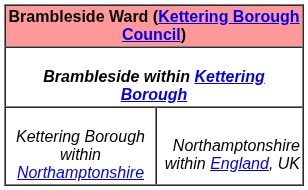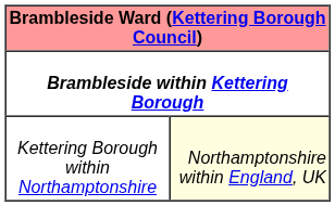 <table border=1 cellpadding="2" cellspacing="0" align="right" width=300>
 <tr>
 <th colspan=2 align=center bgcolor="#ff9999">Brambleside Ward (<a href='#'>Kettering Borough Council</a>)</th>
 </tr>
 <tr>
 <th colspan=2 alignn=center><br><em>Brambleside within <a href='#'>Kettering Borough</a></em></th>
 </tr>
 <tr>
 <td align=center><br><em>Kettering Borough within <a href='#'>Northamptonshire</a></em></td>
-<td align=right><br><em>Northamptonshire within <a href='#'>England</a>, UK</em></td>
+<td align=right style="background: lightyellow;"><br><em>Northamptonshire within <a href='#'>England</a>, UK</em></td>
 </tr>
 </table>
